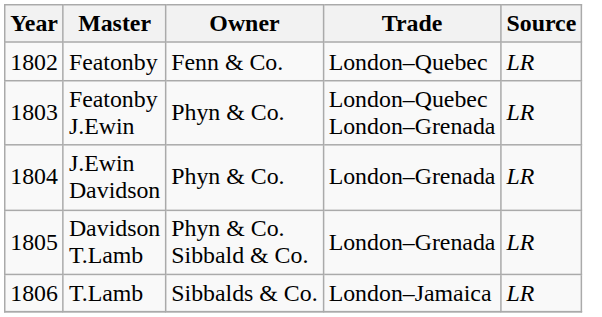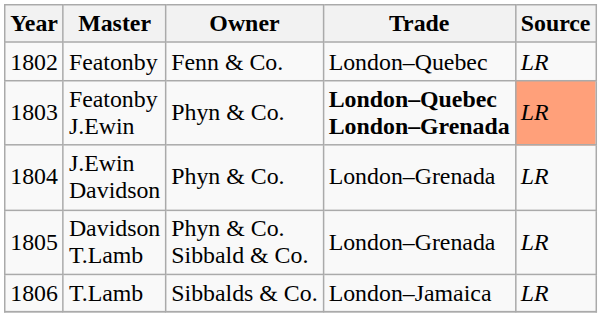 <table class=" wikitable">
 <tr>
 <th>Year</th>
 <th>Master</th>
 <th>Owner</th>
 <th>Trade</th>
 <th>Source</th>
 </tr>
 <tr>
 <td>1802</td>
 <td>Featonby</td>
 <td>Fenn & Co.</td>
 <td>London–Quebec</td>
 <td><em>LR</em></td>
 </tr>
 <tr>
 <td>1803</td>
 <td>Featonby<br>J.Ewin</td>
 <td>Phyn & Co.</td>
-<td>London–Quebec<br>London–Grenada</td>
-<td><em>LR</em></td>
+<td><strong>London–Quebec<br>London–Grenada</strong></td>
+<td style="background: lightsalmon;"><em>LR</em></td>
 </tr>
 <tr>
 <td>1804</td>
 <td>J.Ewin<br>Davidson</td>
 <td>Phyn & Co.</td>
 <td>London–Grenada</td>
 <td><em>LR</em></td>
 </tr>
 <tr>
 <td>1805</td>
 <td>Davidson<br>T.Lamb</td>
 <td>Phyn & Co.<br>Sibbald & Co.</td>
 <td>London–Grenada</td>
 <td><em>LR</em></td>
 </tr>
 <tr>
 <td>1806</td>
 <td>T.Lamb</td>
 <td>Sibbalds & Co.</td>
 <td>London–Jamaica</td>
 <td><em>LR</em></td>
 </tr>
 <tr>
 </tr>
 </table>
